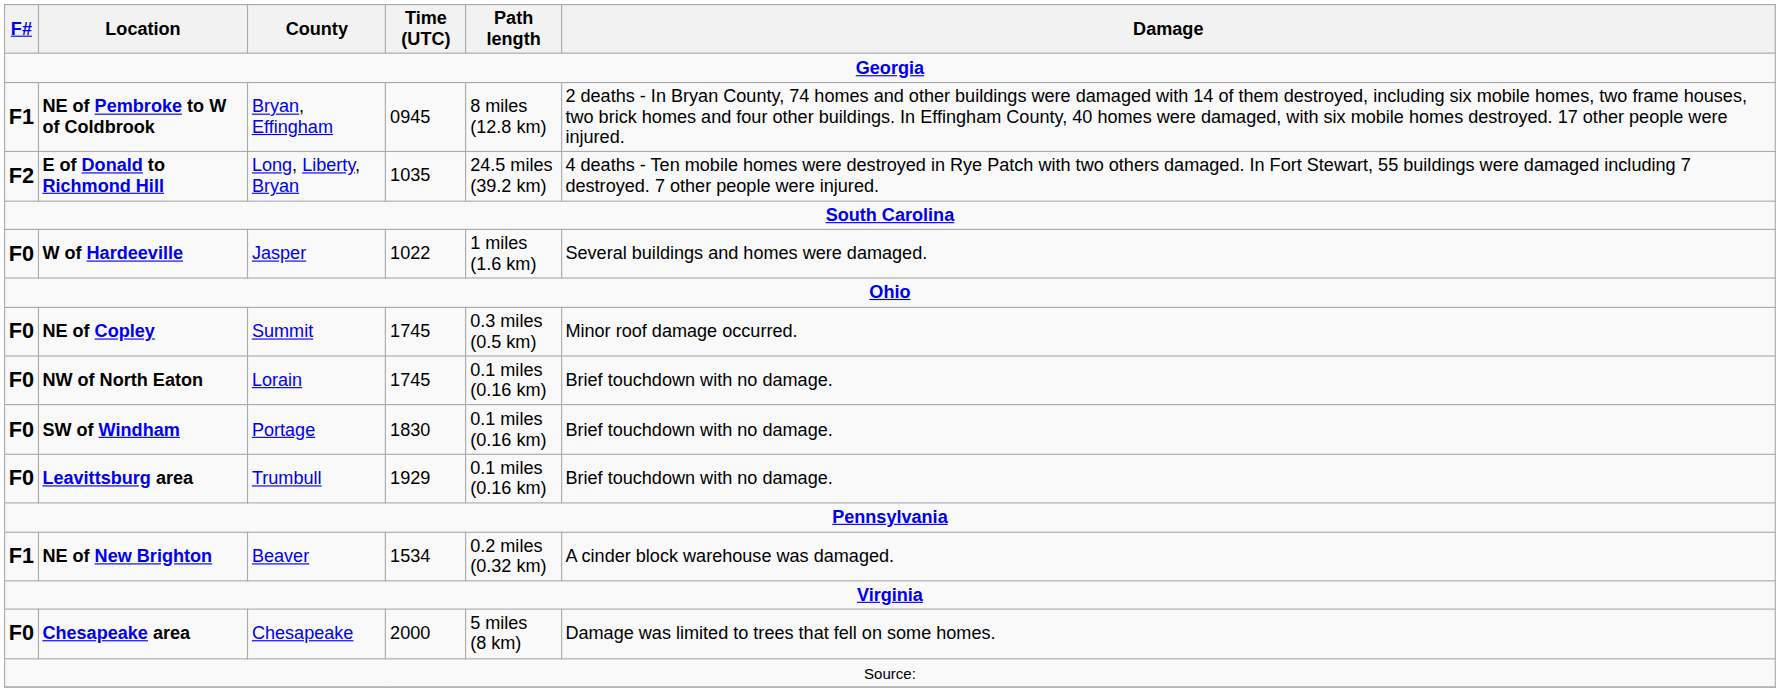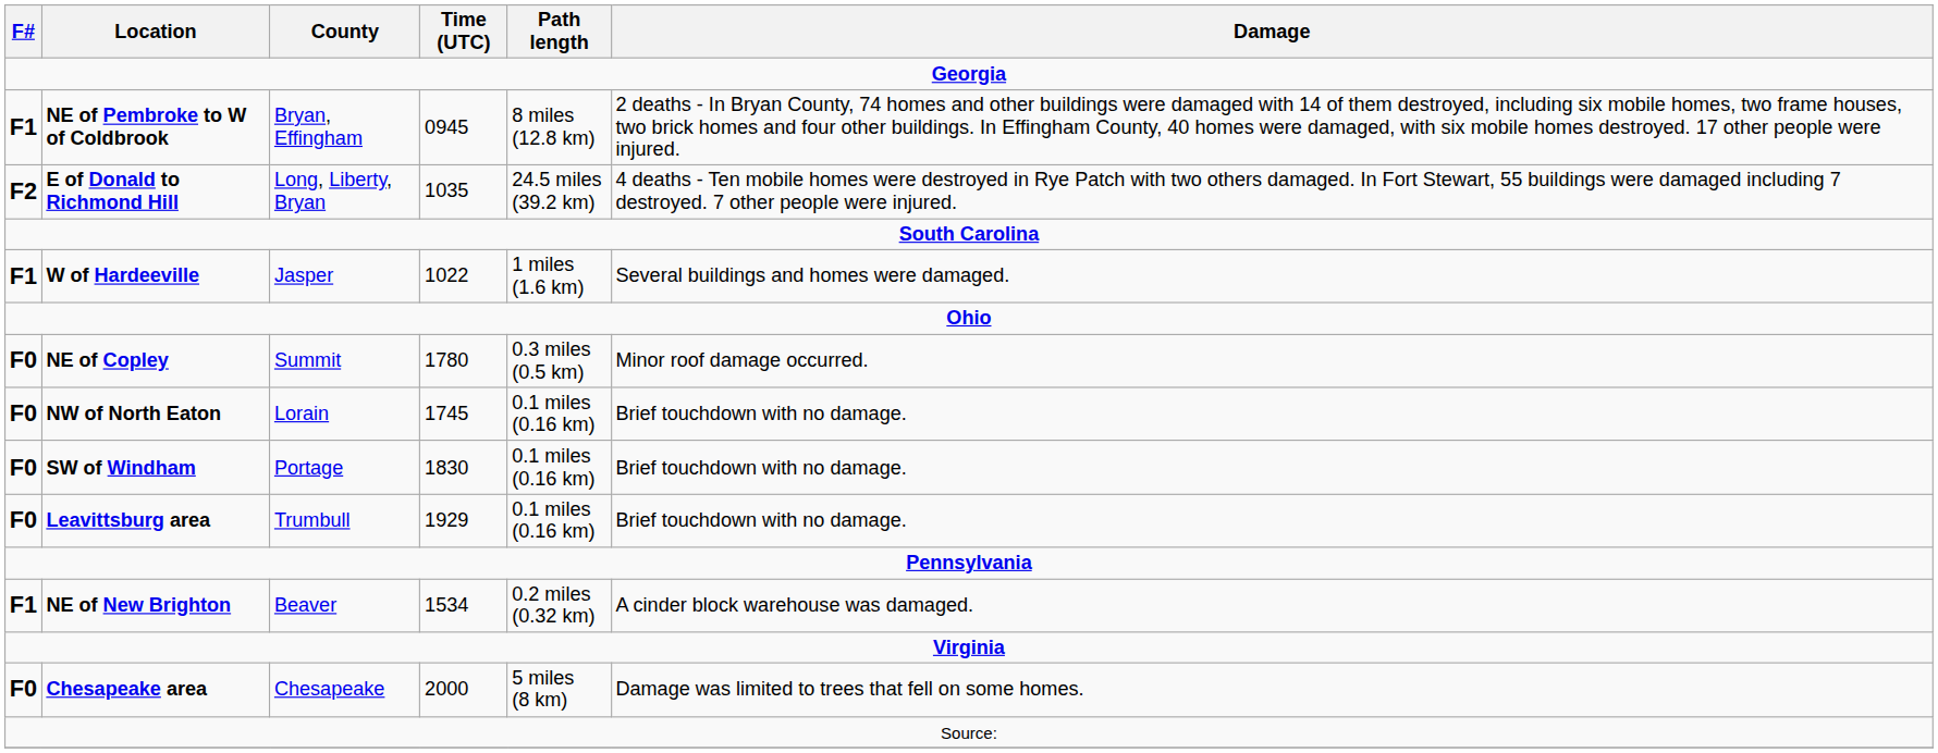 <table class="wikitable">
 <tr>
 <th><strong><a href='#'>F#</a></strong></th>
 <th><strong>Location</strong></th>
 <th><strong>County</strong></th>
 <th><strong>Time (UTC)</strong></th>
 <th><strong>Path length</strong></th>
 <th><strong>Damage</strong></th>
 </tr>
 <tr>
 <td colspan="7" align=center><strong><a href='#'>Georgia</a></strong></td>
 </tr>
 <tr>
 <td><big><strong>F1</strong></big></td>
 <td><strong>NE of <a href='#'>Pembroke</a> to W of Coldbrook</strong></td>
 <td><a href='#'>Bryan</a>, <a href='#'>Effingham</a></td>
 <td>0945</td>
 <td>8 miles <br>(12.8 km)</td>
 <td>2 deaths - In Bryan County, 74 homes and other buildings were damaged with 14 of them destroyed, including six mobile homes, two frame houses, two brick homes and four other buildings. In Effingham County, 40 homes were damaged, with six mobile homes destroyed. 17 other people were injured.</td>
 </tr>
 <tr>
 <td><big><strong>F2</strong></big></td>
 <td><strong>E of <a href='#'>Donald</a> to <a href='#'>Richmond Hill</a></strong></td>
 <td><a href='#'>Long</a>, <a href='#'>Liberty</a>, <a href='#'>Bryan</a></td>
 <td>1035</td>
 <td>24.5 miles <br>(39.2 km)</td>
 <td>4 deaths - Ten mobile homes were destroyed in Rye Patch with two others damaged. In Fort Stewart, 55 buildings were damaged including 7 destroyed. 7 other people were injured.</td>
 </tr>
 <tr>
 <td colspan="7" align=center><strong><a href='#'>South Carolina</a></strong></td>
 </tr>
 <tr>
-<td><big><strong>F0</strong></big></td>
+<td><big><strong>F1</strong></big></td>
 <td><strong>W of <a href='#'>Hardeeville</a></strong></td>
 <td><a href='#'>Jasper</a></td>
 <td>1022</td>
 <td>1 miles <br>(1.6 km)</td>
 <td>Several buildings and homes were damaged.</td>
 </tr>
 <tr>
 <td colspan="7" align=center><strong><a href='#'>Ohio</a></strong></td>
 </tr>
 <tr>
 <td><big><strong>F0</strong></big></td>
 <td><strong>NE of <a href='#'>Copley</a></strong></td>
 <td><a href='#'>Summit</a></td>
-<td>1745</td>
+<td>1780</td>
 <td>0.3 miles <br>(0.5 km)</td>
 <td>Minor roof damage occurred.</td>
 </tr>
 <tr>
 <td><big><strong>F0</strong></big></td>
 <td><strong>NW of North Eaton</strong></td>
 <td><a href='#'>Lorain</a></td>
 <td>1745</td>
 <td>0.1 miles <br>(0.16 km)</td>
 <td>Brief touchdown with no damage.</td>
 </tr>
 <tr>
 <td><big><strong>F0</strong></big></td>
 <td><strong>SW of <a href='#'>Windham</a></strong></td>
 <td><a href='#'>Portage</a></td>
 <td>1830</td>
 <td>0.1 miles <br>(0.16 km)</td>
 <td>Brief touchdown with no damage.</td>
 </tr>
 <tr>
 <td><big><strong>F0</strong></big></td>
 <td><strong><a href='#'>Leavittsburg</a> area</strong></td>
 <td><a href='#'>Trumbull</a></td>
 <td>1929</td>
 <td>0.1 miles <br>(0.16 km)</td>
 <td>Brief touchdown with no damage.</td>
 </tr>
 <tr>
 <td colspan="7" align=center><strong><a href='#'>Pennsylvania</a></strong></td>
 </tr>
 <tr>
 <td><big><strong>F1</strong></big></td>
 <td><strong>NE of <a href='#'>New Brighton</a></strong></td>
 <td><a href='#'>Beaver</a></td>
 <td>1534</td>
 <td>0.2 miles <br>(0.32 km)</td>
 <td>A cinder block warehouse was damaged.</td>
 </tr>
 <tr>
 <td colspan="7" align=center><strong><a href='#'>Virginia</a></strong></td>
 </tr>
 <tr>
 <td><big><strong>F0</strong></big></td>
 <td><strong><a href='#'>Chesapeake</a> area</strong></td>
 <td><a href='#'>Chesapeake</a></td>
 <td>2000</td>
 <td>5 miles <br>(8 km)</td>
 <td>Damage was limited to trees that fell on some homes.</td>
 </tr>
 <tr>
 <td colspan="7" align=center><small>Source: </small></td>
 </tr>
 <tr>
 </tr>
 </table>
